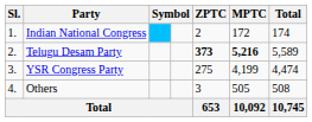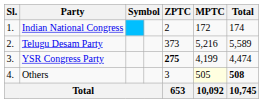 <table class="wikitable sortable">
 <tr>
 <th><strong>Sl.</strong></th>
 <th><strong>Party</strong></th>
 <th colspan="2"><strong>Symbol</strong></th>
 <th>ZPTC</th>
 <th>MPTC</th>
 <th>Total</th>
 </tr>
 <tr>
 <td>1.</td>
 <td><a href='#'>Indian National Congress</a></td>
 <td bgcolor="#00BFFF"></td>
 <td></td>
 <td>2</td>
 <td>172</td>
 <td>174</td>
 </tr>
 <tr>
 <td>2.</td>
 <td><a href='#'>Telugu Desam Party</a></td>
 <td></td>
 <td></td>
-<td><strong>373</strong></td>
-<td><strong>5,216</strong></td>
+<td>373</td>
+<td>5,216</td>
 <td>5,589</td>
 </tr>
 <tr>
 <td>3.</td>
 <td><a href='#'>YSR Congress Party</a></td>
 <td></td>
 <td></td>
-<td>275</td>
+<td><strong>275</strong></td>
 <td>4,199</td>
 <td>4,474</td>
 </tr>
 <tr>
 <td>4.</td>
 <td>Others</td>
 <td></td>
 <td></td>
 <td>3</td>
-<td>505</td>
-<td>508</td>
+<td style="background: lightyellow;">505</td>
+<td><strong>508</strong></td>
 </tr>
 <tr>
 <th colspan="4" align="center"><strong>Total</strong></th>
 <th>653</th>
 <th>10,092</th>
 <th>10,745</th>
 </tr>
 </table>
